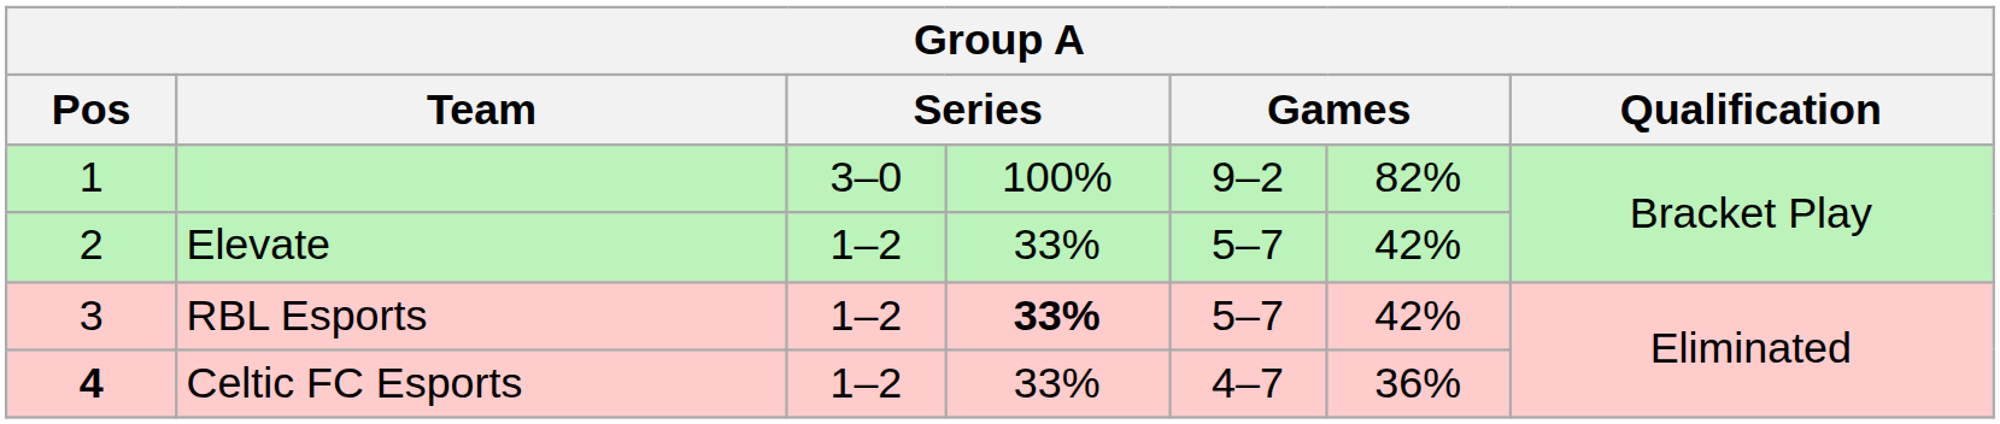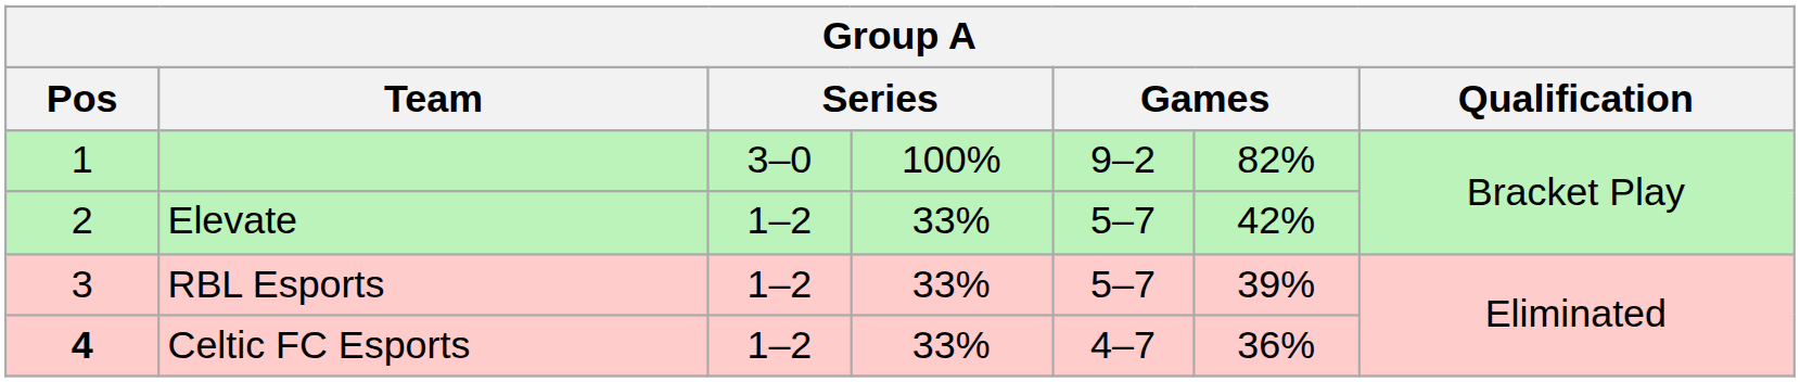 <table class="wikitable" style="display: inline-table;width: 46.5%;">
 <tr>
 <th colspan="7">Group A</th>
 </tr>
 <tr>
 <th>Pos</th>
 <th>Team</th>
 <th colspan="2">Series</th>
 <th colspan="2">Games</th>
 <th>Qualification</th>
 </tr>
 <tr>
 <td style="text-align:center; background:#BBF3BB;">1</td>
 <td style="text-align:left; background:#BBF3BB;"></td>
 <td style="text-align:center; background:#BBF3BB;">3–0</td>
 <td style="text-align:center; background:#BBF3BB;">100%</td>
 <td style="text-align:center; background:#BBF3BB;">9–2</td>
 <td style="text-align:center; background:#BBF3BB;">82%</td>
 <td style="text-align:center; background:#BBF3BB;" rowspan="2">Bracket Play</td>
 </tr>
 <tr>
 <td style="text-align:center; background:#BBF3BB;">2</td>
 <td style="text-align:left; background:#BBF3BB;">Elevate</td>
 <td style="text-align:center; background:#BBF3BB;">1–2</td>
 <td style="text-align:center; background:#BBF3BB;">33%</td>
 <td style="text-align:center; background:#BBF3BB;">5–7</td>
 <td style="text-align:center; background:#BBF3BB;">42%</td>
 </tr>
 <tr>
 <td style="text-align:center; background:#FFCCCC;">3</td>
 <td style="text-align:left; background:#FFCCCC;">RBL Esports</td>
 <td style="text-align:center; background:#FFCCCC;">1–2</td>
-<td style="text-align:center; background:#FFCCCC;"><strong>33%</strong></td>
+<td style="text-align:center; background:#FFCCCC;">33%</td>
 <td style="text-align:center; background:#FFCCCC;">5–7</td>
-<td style="text-align:center; background:#FFCCCC;">42%</td>
+<td style="text-align:center; background:#FFCCCC;">39%</td>
 <td style="text-align:center; background:#FFCCCC;" rowspan="2">Eliminated</td>
 </tr>
 <tr>
 <td style="text-align:center; background:#FFCCCC;"><strong>4</strong></td>
 <td style="text-align:left; background:#FFCCCC;">Celtic FC Esports</td>
 <td style="text-align:center; background:#FFCCCC;">1–2</td>
 <td style="text-align:center; background:#FFCCCC;">33%</td>
 <td style="text-align:center; background:#FFCCCC;">4–7</td>
 <td style="text-align:center; background:#FFCCCC;">36%</td>
 </tr>
 </table>
